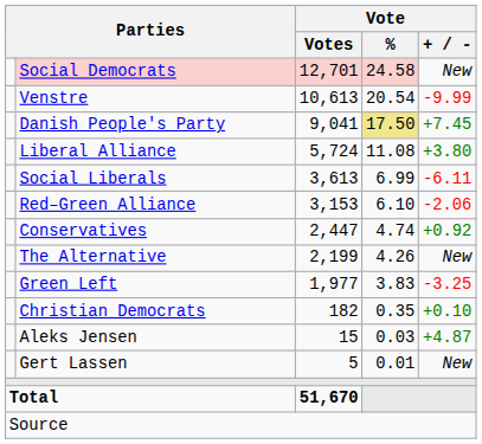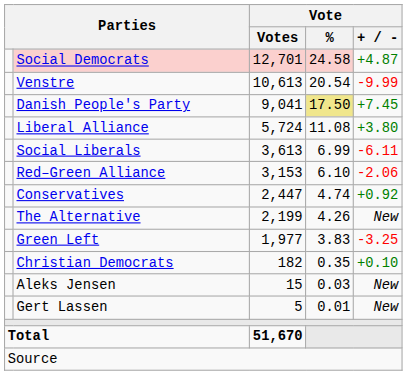 <table class="wikitable" style="text-align:right;">
 <tr>
 <th style="text-align:centre;" rowspan="2" colspan="2" width="225">Parties</th>
 <th colspan="3">Vote</th>
 </tr>
 <tr>
 <th width="15">Votes</th>
 <th width="15">%</th>
 <th width="15">+ / -</th>
 </tr>
 <tr>
 <td width="2" style="color:inherit;background:"></td>
 <td bgcolor=#fbd0ce  align="left"><a href='#'>Social Democrats</a></td>
 <td bgcolor=#fbd0ce>12,701</td>
 <td bgcolor=#fbd0ce>24.58</td>
-<td><em>New</em></td>
+<td style=color:green;>+4.87</td>
 </tr>
 <tr>
 <td width="2" style="color:inherit;background:"></td>
 <td align="left"><a href='#'>Venstre</a></td>
 <td>10,613</td>
 <td>20.54</td>
 <td style=color:red;>-9.99</td>
 </tr>
 <tr>
 <td width="2" style="color:inherit;background:"></td>
 <td align="left"><a href='#'>Danish People's Party</a></td>
 <td>9,041</td>
 <td style="background: khaki;">17.50</td>
 <td style=color:green;>+7.45</td>
 </tr>
 <tr>
 <td width="2" style="color:inherit;background:"></td>
 <td align="left"><a href='#'>Liberal Alliance</a></td>
 <td>5,724</td>
 <td>11.08</td>
 <td style=color:green;>+3.80</td>
 </tr>
 <tr>
 <td width="2" style="color:inherit;background:"></td>
 <td align="left"><a href='#'>Social Liberals</a></td>
 <td>3,613</td>
 <td>6.99</td>
 <td style=color:red;>-6.11</td>
 </tr>
 <tr>
 <td width="2" style="color:inherit;background:"></td>
 <td align="left"><a href='#'>Red–Green Alliance</a></td>
 <td>3,153</td>
 <td>6.10</td>
 <td style=color:red;>-2.06</td>
 </tr>
 <tr>
 <td width="2" style="color:inherit;background:"></td>
 <td align="left"><a href='#'>Conservatives</a></td>
 <td>2,447</td>
 <td>4.74</td>
 <td style=color:green;>+0.92</td>
 </tr>
 <tr>
 <td width="2" style="color:inherit;background:"></td>
 <td align="left"><a href='#'>The Alternative</a></td>
 <td>2,199</td>
 <td>4.26</td>
 <td><em>New</em></td>
 </tr>
 <tr>
 <td width="2" style="color:inherit;background:"></td>
 <td align="left"><a href='#'>Green Left</a></td>
 <td>1,977</td>
 <td>3.83</td>
 <td style=color:red;>-3.25</td>
 </tr>
 <tr>
 <td width="2" style="color:inherit;background:"></td>
 <td align="left"><a href='#'>Christian Democrats</a></td>
 <td>182</td>
 <td>0.35</td>
 <td style=color:green;>+0.10</td>
 </tr>
 <tr>
 <td width="2" style="color:inherit;background:"></td>
 <td align="left">Aleks Jensen</td>
 <td>15</td>
 <td>0.03</td>
-<td style=color:green;>+4.87</td>
+<td><em>New</em></td>
 </tr>
 <tr>
 <td width="2" style="color:inherit;background:"></td>
 <td align="left">Gert Lassen</td>
 <td>5</td>
 <td>0.01</td>
 <td><em>New</em></td>
 </tr>
 <tr>
 <td colspan="7" bgcolor="#E9E9E9"></td>
 </tr>
 <tr>
 <td align="left" colspan="2"><strong>Total</strong></td>
 <td><strong>51,670</strong></td>
 <td bgcolor="#E9E9E9" colspan="2"></td>
 </tr>
 <tr>
 <td align="left" colspan="6">Source</td>
 </tr>
 </table>
